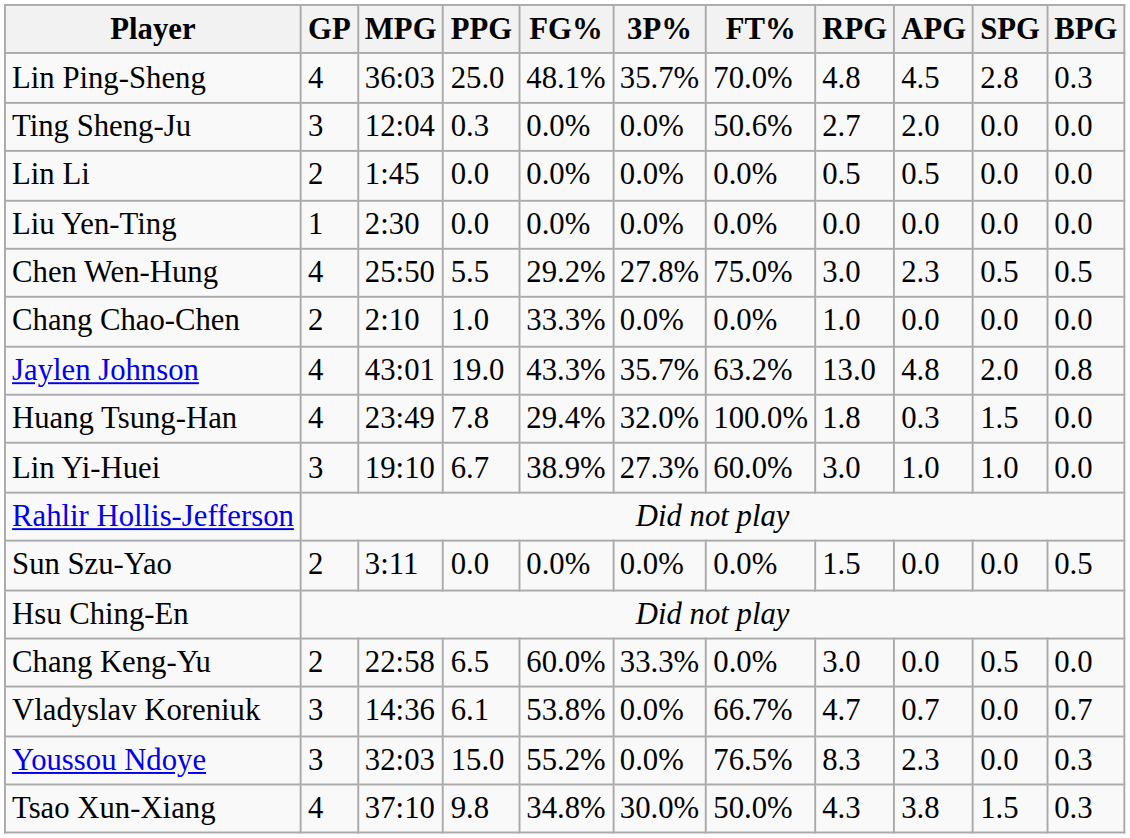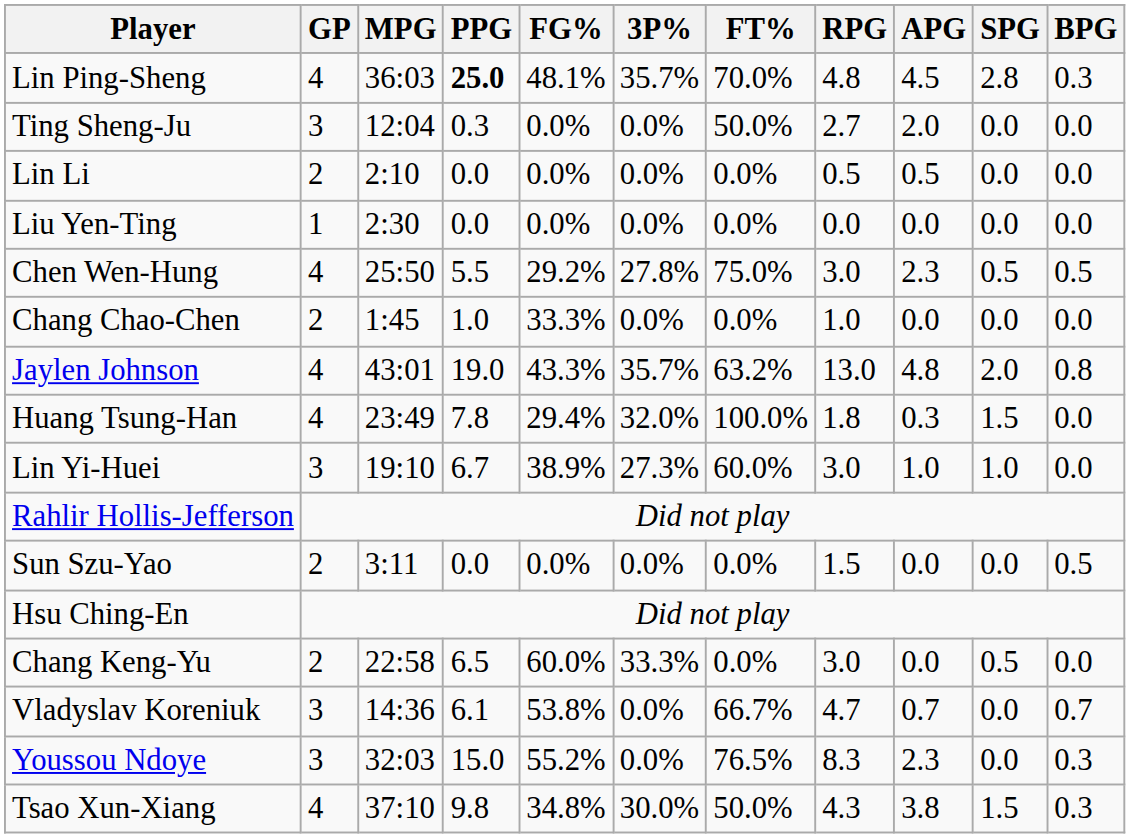 <table class="wikitable">
 <tr>
 <th>Player</th>
 <th>GP</th>
 <th>MPG</th>
 <th>PPG</th>
 <th>FG%</th>
 <th>3P%</th>
 <th>FT%</th>
 <th>RPG</th>
 <th>APG</th>
 <th>SPG</th>
 <th>BPG</th>
 </tr>
 <tr>
 <td>Lin Ping-Sheng</td>
 <td>4</td>
 <td>36:03</td>
-<td>25.0</td>
+<td><strong>25.0</strong></td>
 <td>48.1%</td>
 <td>35.7%</td>
 <td>70.0%</td>
 <td>4.8</td>
 <td>4.5</td>
 <td>2.8</td>
 <td>0.3</td>
 </tr>
 <tr>
 <td>Ting Sheng-Ju</td>
 <td>3</td>
 <td>12:04</td>
 <td>0.3</td>
 <td>0.0%</td>
 <td>0.0%</td>
-<td>50.6%</td>
+<td>50.0%</td>
 <td>2.7</td>
 <td>2.0</td>
 <td>0.0</td>
 <td>0.0</td>
 </tr>
 <tr>
 <td>Lin Li</td>
 <td>2</td>
-<td>1:45</td>
+<td>2:10</td>
 <td>0.0</td>
 <td>0.0%</td>
 <td>0.0%</td>
 <td>0.0%</td>
 <td>0.5</td>
 <td>0.5</td>
 <td>0.0</td>
 <td>0.0</td>
 </tr>
 <tr>
 <td>Liu Yen-Ting</td>
 <td>1</td>
 <td>2:30</td>
 <td>0.0</td>
 <td>0.0%</td>
 <td>0.0%</td>
 <td>0.0%</td>
 <td>0.0</td>
 <td>0.0</td>
 <td>0.0</td>
 <td>0.0</td>
 </tr>
 <tr>
 <td>Chen Wen-Hung</td>
 <td>4</td>
 <td>25:50</td>
 <td>5.5</td>
 <td>29.2%</td>
 <td>27.8%</td>
 <td>75.0%</td>
 <td>3.0</td>
 <td>2.3</td>
 <td>0.5</td>
 <td>0.5</td>
 </tr>
 <tr>
 <td>Chang Chao-Chen</td>
 <td>2</td>
-<td>2:10</td>
+<td>1:45</td>
 <td>1.0</td>
 <td>33.3%</td>
 <td>0.0%</td>
 <td>0.0%</td>
 <td>1.0</td>
 <td>0.0</td>
 <td>0.0</td>
 <td>0.0</td>
 </tr>
 <tr>
 <td><a href='#'>Jaylen Johnson</a></td>
 <td>4</td>
 <td>43:01</td>
 <td>19.0</td>
 <td>43.3%</td>
 <td>35.7%</td>
 <td>63.2%</td>
 <td>13.0</td>
 <td>4.8</td>
 <td>2.0</td>
 <td>0.8</td>
 </tr>
 <tr>
 <td>Huang Tsung-Han</td>
 <td>4</td>
 <td>23:49</td>
 <td>7.8</td>
 <td>29.4%</td>
 <td>32.0%</td>
 <td>100.0%</td>
 <td>1.8</td>
 <td>0.3</td>
 <td>1.5</td>
 <td>0.0</td>
 </tr>
 <tr>
 <td>Lin Yi-Huei</td>
 <td>3</td>
 <td>19:10</td>
 <td>6.7</td>
 <td>38.9%</td>
 <td>27.3%</td>
 <td>60.0%</td>
 <td>3.0</td>
 <td>1.0</td>
 <td>1.0</td>
 <td>0.0</td>
 </tr>
 <tr>
 <td><a href='#'>Rahlir Hollis-Jefferson</a></td>
 <td colspan=10 align=center><em>Did not play</em></td>
 </tr>
 <tr>
 <td>Sun Szu-Yao</td>
 <td>2</td>
 <td>3:11</td>
 <td>0.0</td>
 <td>0.0%</td>
 <td>0.0%</td>
 <td>0.0%</td>
 <td>1.5</td>
 <td>0.0</td>
 <td>0.0</td>
 <td>0.5</td>
 </tr>
 <tr>
 <td>Hsu Ching-En</td>
 <td colspan=10 align=center><em>Did not play</em></td>
 </tr>
 <tr>
 <td>Chang Keng-Yu</td>
 <td>2</td>
 <td>22:58</td>
 <td>6.5</td>
 <td>60.0%</td>
 <td>33.3%</td>
 <td>0.0%</td>
 <td>3.0</td>
 <td>0.0</td>
 <td>0.5</td>
 <td>0.0</td>
 </tr>
 <tr>
 <td>Vladyslav Koreniuk</td>
 <td>3</td>
 <td>14:36</td>
 <td>6.1</td>
 <td>53.8%</td>
 <td>0.0%</td>
 <td>66.7%</td>
 <td>4.7</td>
 <td>0.7</td>
 <td>0.0</td>
 <td>0.7</td>
 </tr>
 <tr>
 <td><a href='#'>Youssou Ndoye</a></td>
 <td>3</td>
 <td>32:03</td>
 <td>15.0</td>
 <td>55.2%</td>
 <td>0.0%</td>
 <td>76.5%</td>
 <td>8.3</td>
 <td>2.3</td>
 <td>0.0</td>
 <td>0.3</td>
 </tr>
 <tr>
 <td>Tsao Xun-Xiang</td>
 <td>4</td>
 <td>37:10</td>
 <td>9.8</td>
 <td>34.8%</td>
 <td>30.0%</td>
 <td>50.0%</td>
 <td>4.3</td>
 <td>3.8</td>
 <td>1.5</td>
 <td>0.3</td>
 </tr>
 </table>
